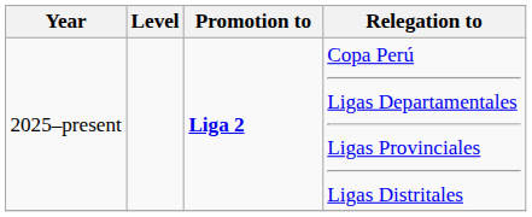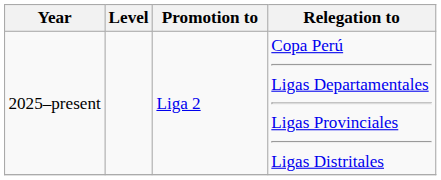 <table class="wikitable sortable">
 <tr>
 <th width=>Year</th>
 <th width=>Level</th>
 <th width=100px>Promotion to</th>
 <th width=150px>Relegation to</th>
 </tr>
 <tr>
 <td>2025–present</td>
 <td></td>
-<td><strong><a href='#'>Liga 2</a></strong></td>
+<td><a href='#'>Liga 2</a></td>
 <td><a href='#'>Copa Perú</a><hr> <a href='#'>Ligas Departamentales</a><hr> <a href='#'>Ligas Provinciales</a><hr> <a href='#'>Ligas Distritales</a></td>
 </tr>
 <tr>
 </tr>
 </table>
